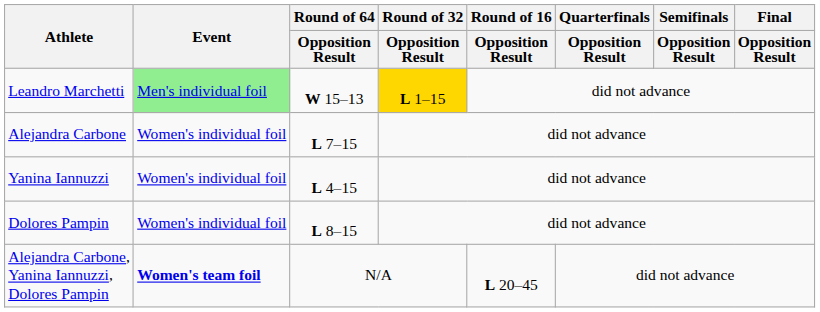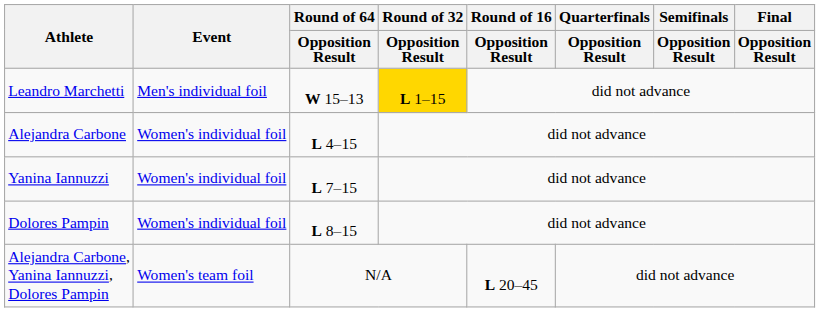 <table class="wikitable" style="font-size:90%">
 <tr>
 <th rowspan="2">Athlete</th>
 <th rowspan="2">Event</th>
 <th>Round of 64</th>
 <th>Round of 32</th>
 <th>Round of 16</th>
 <th>Quarterfinals</th>
 <th>Semifinals</th>
 <th>Final</th>
 </tr>
 <tr>
 <th style="line-height:1em">Opposition<br>Result</th>
 <th style="line-height:1em">Opposition<br>Result</th>
 <th style="line-height:1em">Opposition<br>Result</th>
 <th style="line-height:1em">Opposition<br>Result</th>
 <th style="line-height:1em">Opposition<br>Result</th>
 <th style="line-height:1em">Opposition<br>Result</th>
 </tr>
 <tr>
 <td><a href='#'>Leandro Marchetti</a></td>
-<td style="background: lightgreen;"><a href='#'>Men's individual foil</a></td>
+<td><a href='#'>Men's individual foil</a></td>
 <td align="center"><br><strong>W</strong> 15–13</td>
 <td align="center" style="background: gold;"><br><strong>L</strong> 1–15</td>
 <td align="center" colspan="4">did not advance</td>
 </tr>
 <tr>
 <td><a href='#'>Alejandra Carbone</a></td>
 <td><a href='#'>Women's individual foil</a></td>
-<td align="center"><br><strong>L</strong> 7–15</td>
+<td align="center"><br><strong>L</strong> 4–15</td>
 <td align="center" colspan="5">did not advance</td>
 </tr>
 <tr>
 <td><a href='#'>Yanina Iannuzzi</a></td>
 <td><a href='#'>Women's individual foil</a></td>
-<td align="center"><br><strong>L</strong> 4–15</td>
+<td align="center"><br><strong>L</strong> 7–15</td>
 <td align="center" colspan="5">did not advance</td>
 </tr>
 <tr>
 <td><a href='#'>Dolores Pampin</a></td>
 <td><a href='#'>Women's individual foil</a></td>
 <td align="center"><br><strong>L</strong> 8–15</td>
 <td align="center" colspan="5">did not advance</td>
 </tr>
 <tr>
 <td><a href='#'>Alejandra Carbone</a>, <br> <a href='#'>Yanina Iannuzzi</a>, <br> <a href='#'>Dolores Pampin</a></td>
-<td><strong><a href='#'>Women's team foil</a></strong></td>
+<td><a href='#'>Women's team foil</a></td>
 <td align="center" colspan="2">N/A</td>
 <td align="center"><br><strong>L</strong> 20–45</td>
 <td align="center" colspan="4">did not advance</td>
 </tr>
 </table>
